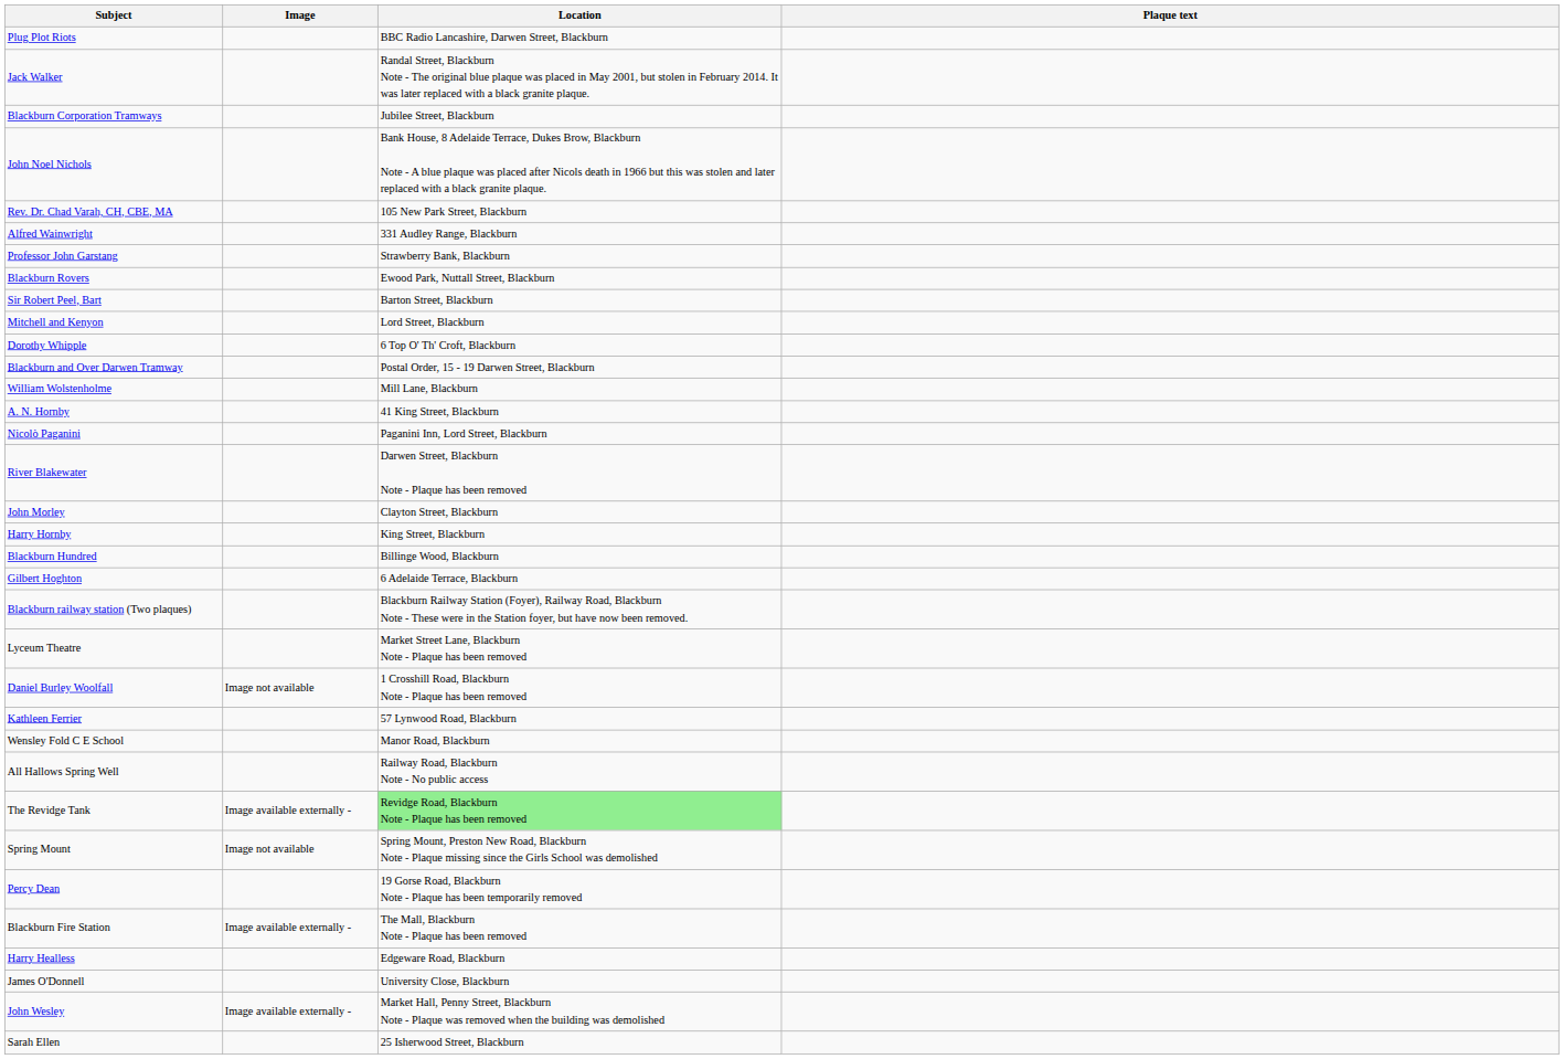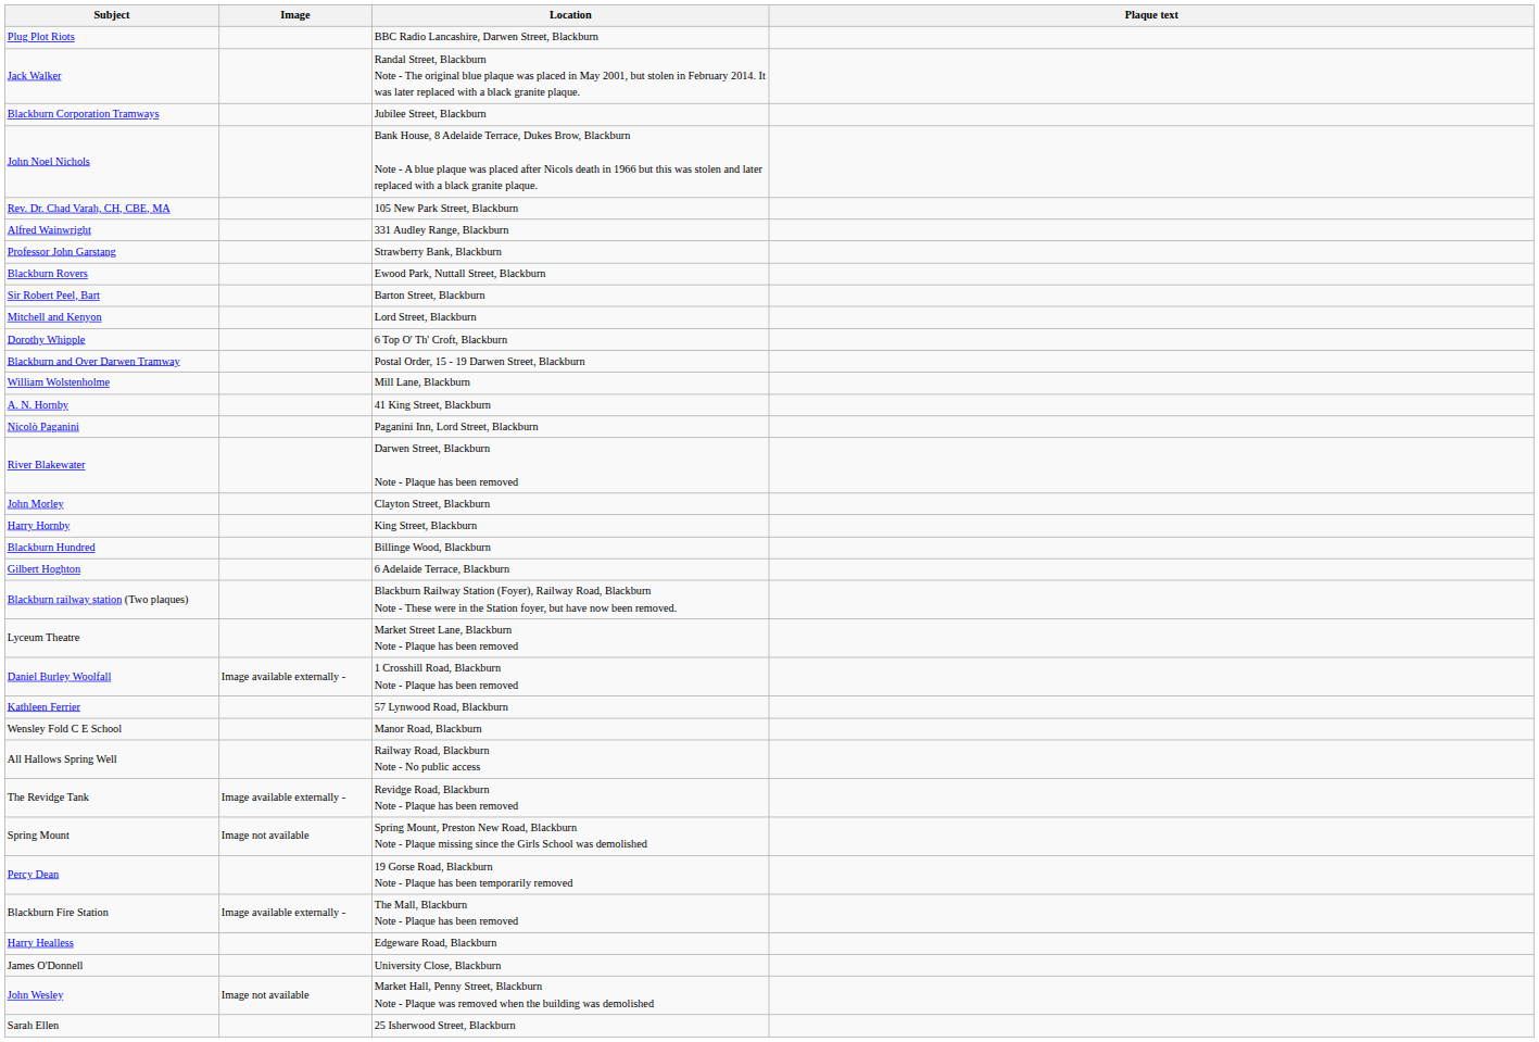 <table class="wikitable sortable" style="font-size:90%;width:100%;border:0px;text-align:left;line-height:150%;">
 <tr>
 <th width="14%">Subject</th>
 <th width="10%" class="unsortable">Image</th>
 <th width="26%">Location</th>
 <th width="50%" class="unsortable">Plaque text</th>
 </tr>
 <tr>
 <td><a href='#'>Plug Plot Riots</a></td>
 <td></td>
 <td>BBC Radio Lancashire, Darwen Street, Blackburn </td>
 <td></td>
 </tr>
 <tr>
 <td><a href='#'>Jack Walker</a></td>
 <td></td>
 <td>Randal Street, Blackburn <br>Note - The original blue plaque was placed in May 2001, but stolen in February 2014. It was later replaced with a black granite plaque.</td>
 <td></td>
 </tr>
 <tr>
 <td><a href='#'>Blackburn Corporation Tramways</a></td>
 <td></td>
 <td>Jubilee Street, Blackburn </td>
 <td></td>
 </tr>
 <tr>
 <td><a href='#'>John Noel Nichols</a></td>
 <td></td>
 <td>Bank House, 8 Adelaide Terrace, Dukes Brow, Blackburn <br><br> Note - A blue plaque was placed  after Nicols death in 1966 but this was stolen and later replaced with a black granite plaque.</td>
 <td></td>
 </tr>
 <tr>
 <td><a href='#'>Rev. Dr. Chad Varah, CH, CBE, MA</a></td>
 <td></td>
 <td>105 New Park Street, Blackburn </td>
 <td></td>
 </tr>
 <tr>
 <td><a href='#'>Alfred Wainwright</a></td>
 <td></td>
 <td>331 Audley Range, Blackburn </td>
 <td></td>
 </tr>
 <tr>
 <td><a href='#'>Professor John Garstang</a></td>
 <td></td>
 <td>Strawberry Bank, Blackburn </td>
 <td></td>
 </tr>
 <tr>
 <td><a href='#'>Blackburn Rovers</a></td>
 <td></td>
 <td>Ewood Park, Nuttall Street, Blackburn </td>
 <td></td>
 </tr>
 <tr>
 <td><a href='#'>Sir Robert Peel, Bart</a></td>
 <td></td>
 <td>Barton Street, Blackburn </td>
 <td></td>
 </tr>
 <tr>
 <td><a href='#'>Mitchell and Kenyon</a></td>
 <td></td>
 <td>Lord Street, Blackburn </td>
 <td></td>
 </tr>
 <tr>
 <td><a href='#'>Dorothy Whipple</a></td>
 <td></td>
 <td>6 Top O' Th' Croft, Blackburn </td>
 <td></td>
 </tr>
 <tr>
 <td><a href='#'>Blackburn and Over Darwen Tramway</a></td>
 <td></td>
 <td>Postal Order, 15 - 19 Darwen Street, Blackburn </td>
 <td></td>
 </tr>
 <tr>
 <td><a href='#'>William Wolstenholme</a></td>
 <td></td>
 <td>Mill Lane, Blackburn </td>
 <td></td>
 </tr>
 <tr>
 <td><a href='#'>A. N. Hornby</a></td>
 <td></td>
 <td>41 King Street, Blackburn </td>
 <td></td>
 </tr>
 <tr>
 <td><a href='#'>Nicolò Paganini</a></td>
 <td></td>
 <td>Paganini Inn, Lord Street, Blackburn </td>
 <td></td>
 </tr>
 <tr>
 <td><a href='#'>River Blakewater</a></td>
 <td></td>
 <td>Darwen Street, Blackburn  <br><br>Note - Plaque has been removed</td>
 <td></td>
 </tr>
 <tr>
 <td><a href='#'>John Morley</a></td>
 <td></td>
 <td>Clayton Street, Blackburn </td>
 <td></td>
 </tr>
 <tr>
 <td><a href='#'>Harry Hornby</a></td>
 <td></td>
 <td>King Street, Blackburn </td>
 <td></td>
 </tr>
 <tr>
 <td><a href='#'>Blackburn Hundred</a></td>
 <td></td>
 <td>Billinge Wood, Blackburn </td>
 <td></td>
 </tr>
 <tr>
 <td><a href='#'>Gilbert Hoghton</a></td>
 <td></td>
 <td>6 Adelaide Terrace, Blackburn </td>
 <td></td>
 </tr>
 <tr>
 <td><a href='#'>Blackburn railway station</a> (Two plaques)</td>
 <td></td>
 <td>Blackburn Railway Station (Foyer), Railway Road, Blackburn <br>Note - These were in the Station foyer, but have now been removed.</td>
 <td></td>
 </tr>
 <tr>
 <td>Lyceum Theatre</td>
 <td></td>
 <td>Market Street Lane, Blackburn <br>Note - Plaque has been removed</td>
 <td></td>
 </tr>
 <tr>
 <td><a href='#'>Daniel Burley Woolfall</a></td>
-<td>Image not available</td>
+<td>Image available externally - </td>
 <td>1 Crosshill Road, Blackburn <br>Note - Plaque has been removed</td>
 <td></td>
 </tr>
 <tr>
 <td><a href='#'>Kathleen Ferrier</a></td>
 <td></td>
 <td>57 Lynwood Road, Blackburn </td>
 <td></td>
 </tr>
 <tr>
 <td>Wensley Fold C E School</td>
 <td></td>
 <td>Manor Road, Blackburn </td>
 <td></td>
 </tr>
 <tr>
 <td>All Hallows Spring Well</td>
 <td></td>
 <td>Railway Road, Blackburn <br>Note - No public access</td>
 <td></td>
 </tr>
 <tr>
 <td>The Revidge Tank</td>
 <td>Image available externally - </td>
-<td style="background: lightgreen;">Revidge Road, Blackburn <br>Note - Plaque has been removed</td>
+<td>Revidge Road, Blackburn <br>Note - Plaque has been removed</td>
 <td></td>
 </tr>
 <tr>
 <td>Spring Mount</td>
 <td>Image not available</td>
 <td>Spring Mount, Preston New Road, Blackburn <br>Note - Plaque missing since the Girls School was demolished</td>
 <td></td>
 </tr>
 <tr>
 <td><a href='#'>Percy Dean</a></td>
 <td></td>
 <td>19 Gorse Road, Blackburn <br>Note - Plaque has been temporarily removed</td>
 <td></td>
 </tr>
 <tr>
 <td>Blackburn Fire Station</td>
 <td>Image available externally - </td>
 <td>The Mall, Blackburn <br>Note - Plaque has been removed</td>
 <td></td>
 </tr>
 <tr>
 <td><a href='#'>Harry Healless</a></td>
 <td></td>
 <td>Edgeware Road, Blackburn </td>
 <td></td>
 </tr>
 <tr>
 <td>James O'Donnell </td>
 <td></td>
 <td>University Close, Blackburn </td>
 <td></td>
 </tr>
 <tr>
 <td><a href='#'>John Wesley</a></td>
-<td>Image available externally - </td>
+<td>Image not available</td>
 <td>Market Hall, Penny Street, Blackburn <br>Note - Plaque was removed when the building was demolished</td>
 <td></td>
 </tr>
 <tr>
 <td>Sarah Ellen</td>
 <td></td>
 <td>25 Isherwood Street, Blackburn </td>
 <td></td>
 </tr>
 </table>
